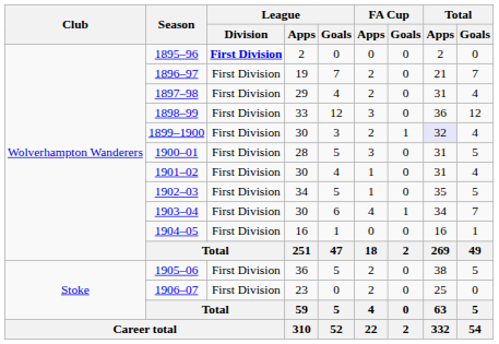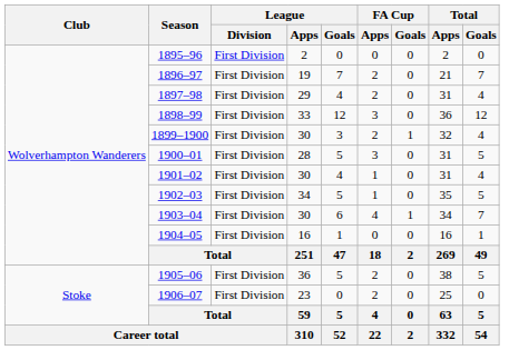 <table class="wikitable" style="text-align: center;">
 <tr>
 <th rowspan="2">Club</th>
 <th rowspan="2">Season</th>
 <th colspan="3">League</th>
 <th colspan="2">FA Cup</th>
 <th colspan="2">Total</th>
 </tr>
 <tr>
 <th>Division</th>
 <th>Apps</th>
 <th>Goals</th>
 <th>Apps</th>
 <th>Goals</th>
 <th>Apps</th>
 <th>Goals</th>
 </tr>
 <tr>
 <td rowspan="11"><a href='#'>Wolverhampton Wanderers</a></td>
 <td><a href='#'>1895–96</a></td>
-<td><strong><a href='#'>First Division</a></strong></td>
+<td><a href='#'>First Division</a></td>
 <td>2</td>
 <td>0</td>
 <td>0</td>
 <td>0</td>
 <td>2</td>
 <td>0</td>
 </tr>
 <tr>
 <td><a href='#'>1896–97</a></td>
 <td>First Division</td>
 <td>19</td>
 <td>7</td>
 <td>2</td>
 <td>0</td>
 <td>21</td>
 <td>7</td>
 </tr>
 <tr>
 <td><a href='#'>1897–98</a></td>
 <td>First Division</td>
 <td>29</td>
 <td>4</td>
 <td>2</td>
 <td>0</td>
 <td>31</td>
 <td>4</td>
 </tr>
 <tr>
 <td><a href='#'>1898–99</a></td>
 <td>First Division</td>
 <td>33</td>
 <td>12</td>
 <td>3</td>
 <td>0</td>
 <td>36</td>
 <td>12</td>
 </tr>
 <tr>
 <td><a href='#'>1899–1900</a></td>
 <td>First Division</td>
 <td>30</td>
 <td>3</td>
 <td>2</td>
 <td>1</td>
-<td style="background: lavender;">32</td>
+<td>32</td>
 <td>4</td>
 </tr>
 <tr>
 <td><a href='#'>1900–01</a></td>
 <td>First Division</td>
 <td>28</td>
 <td>5</td>
 <td>3</td>
 <td>0</td>
 <td>31</td>
 <td>5</td>
 </tr>
 <tr>
 <td><a href='#'>1901–02</a></td>
 <td>First Division</td>
 <td>30</td>
 <td>4</td>
 <td>1</td>
 <td>0</td>
 <td>31</td>
 <td>4</td>
 </tr>
 <tr>
 <td><a href='#'>1902–03</a></td>
 <td>First Division</td>
 <td>34</td>
 <td>5</td>
 <td>1</td>
 <td>0</td>
 <td>35</td>
 <td>5</td>
 </tr>
 <tr>
 <td><a href='#'>1903–04</a></td>
 <td>First Division</td>
 <td>30</td>
 <td>6</td>
 <td>4</td>
 <td>1</td>
 <td>34</td>
 <td>7</td>
 </tr>
 <tr>
 <td><a href='#'>1904–05</a></td>
 <td>First Division</td>
 <td>16</td>
 <td>1</td>
 <td>0</td>
 <td>0</td>
 <td>16</td>
 <td>1</td>
 </tr>
 <tr>
 <th colspan=2>Total</th>
 <th>251</th>
 <th>47</th>
 <th>18</th>
 <th>2</th>
 <th>269</th>
 <th>49</th>
 </tr>
 <tr>
 <td rowspan="3"><a href='#'>Stoke</a></td>
 <td><a href='#'>1905–06</a></td>
 <td>First Division</td>
 <td>36</td>
 <td>5</td>
 <td>2</td>
 <td>0</td>
 <td>38</td>
 <td>5</td>
 </tr>
 <tr>
 <td><a href='#'>1906–07</a></td>
 <td>First Division</td>
 <td>23</td>
 <td>0</td>
 <td>2</td>
 <td>0</td>
 <td>25</td>
 <td>0</td>
 </tr>
 <tr>
 <th colspan=2>Total</th>
 <th>59</th>
 <th>5</th>
 <th>4</th>
 <th>0</th>
 <th>63</th>
 <th>5</th>
 </tr>
 <tr>
 <th colspan=3>Career total</th>
 <th>310</th>
 <th>52</th>
 <th>22</th>
 <th>2</th>
 <th>332</th>
 <th>54</th>
 </tr>
 </table>
